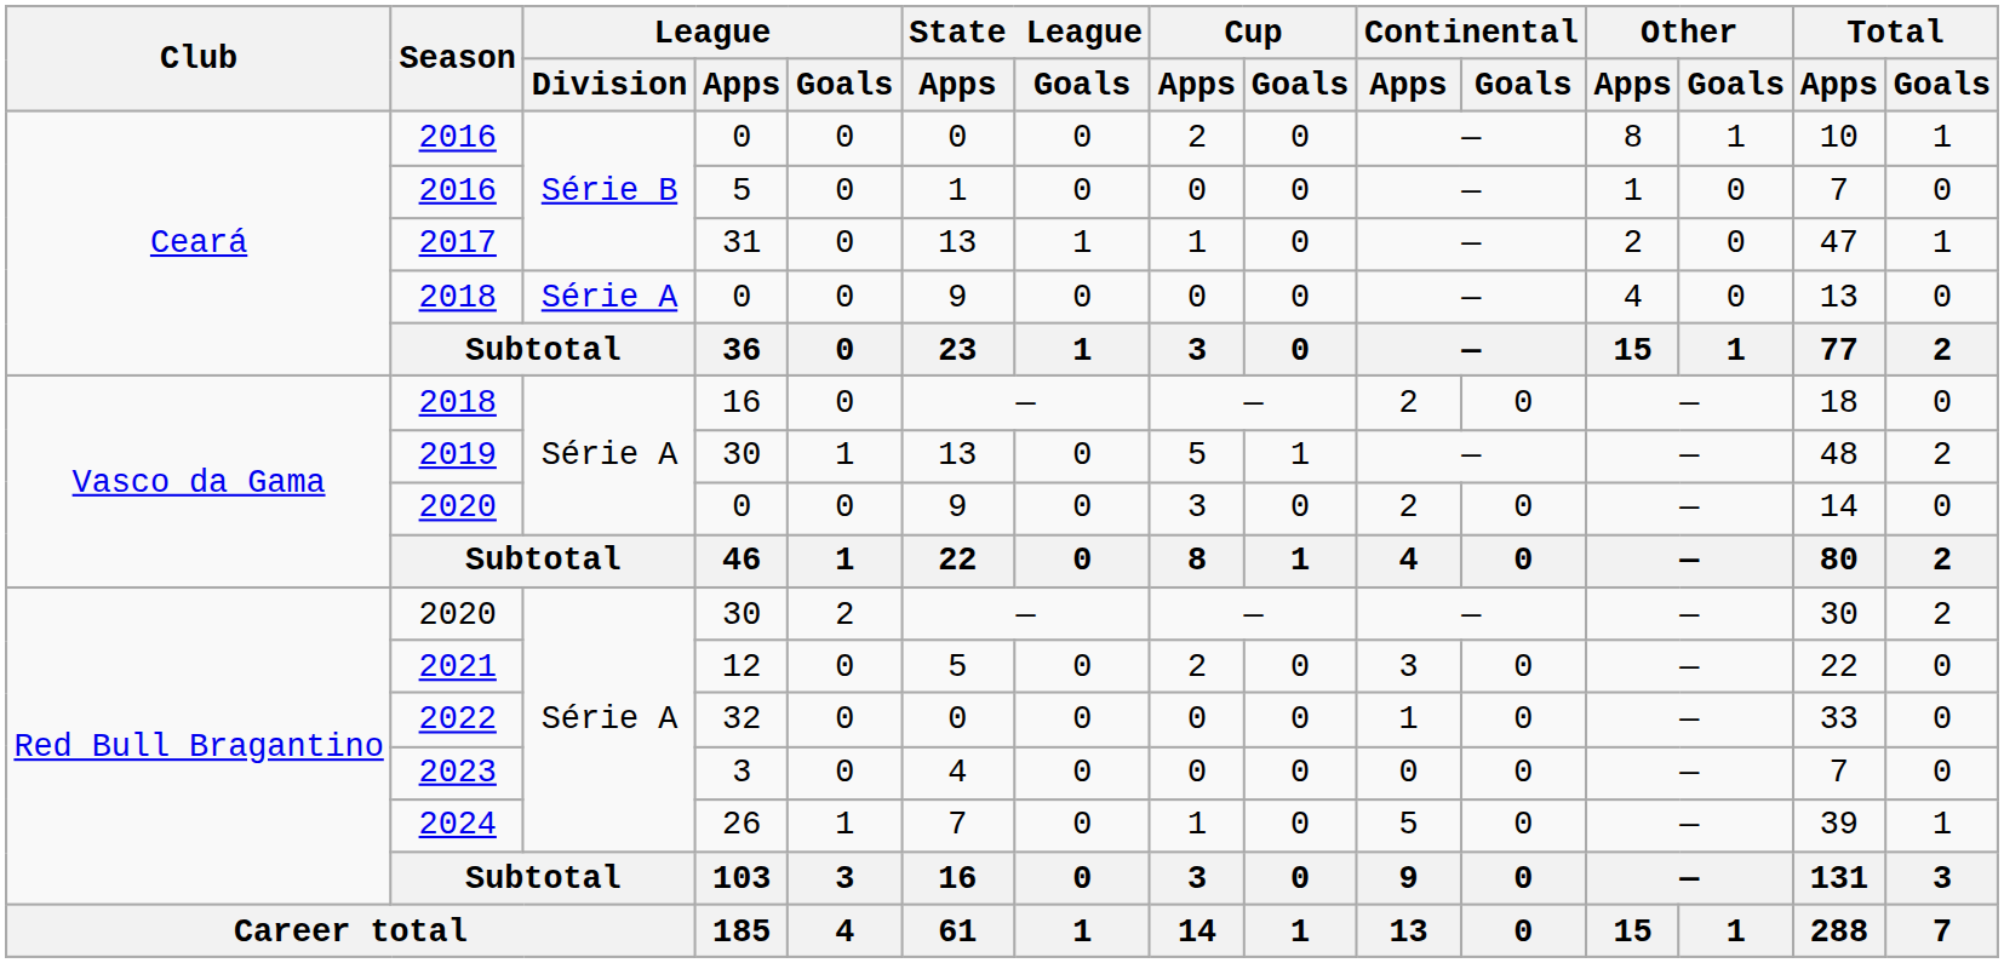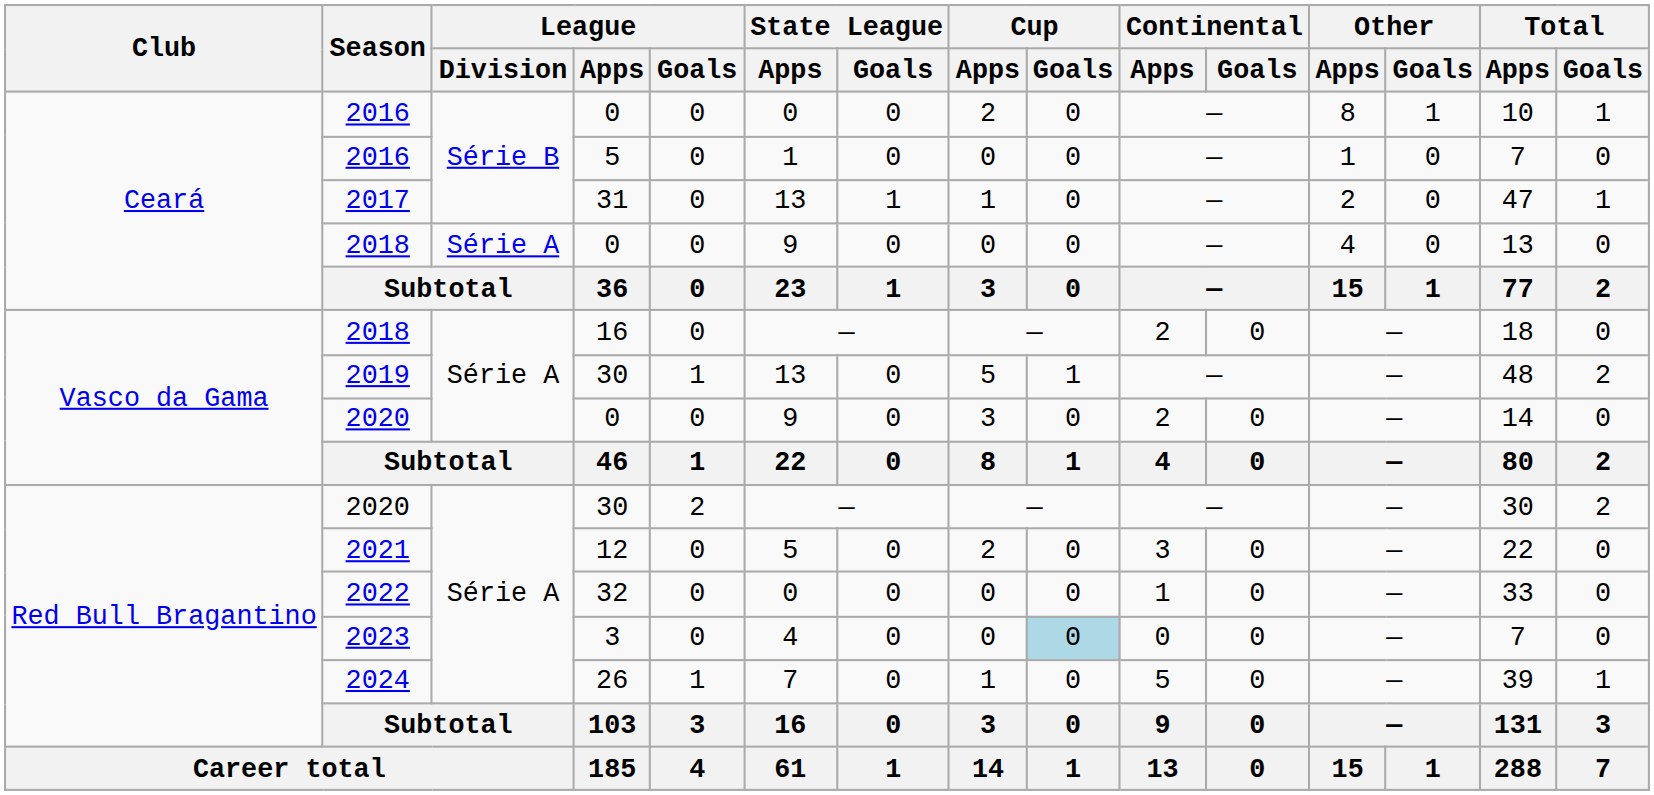 <table class="wikitable" style="text-align: center;">
 <tr>
 <th rowspan="2">Club</th>
 <th rowspan="2">Season</th>
 <th colspan="3">League</th>
 <th colspan="2">State League</th>
 <th colspan="2">Cup</th>
 <th colspan="2">Continental</th>
 <th colspan="2">Other</th>
 <th colspan="2">Total</th>
 </tr>
 <tr>
 <th>Division</th>
 <th>Apps</th>
 <th>Goals</th>
 <th>Apps</th>
 <th>Goals</th>
 <th>Apps</th>
 <th>Goals</th>
 <th>Apps</th>
 <th>Goals</th>
 <th>Apps</th>
 <th>Goals</th>
 <th>Apps</th>
 <th>Goals</th>
 </tr>
 <tr>
 <td rowspan="5" valign="center"><a href='#'>Ceará</a></td>
 <td><a href='#'>2016</a></td>
 <td rowspan="3"><a href='#'>Série B</a></td>
 <td>0</td>
 <td>0</td>
 <td>0</td>
 <td>0</td>
 <td>2</td>
 <td>0</td>
 <td colspan="2">—</td>
 <td>8</td>
 <td>1</td>
 <td>10</td>
 <td>1</td>
 </tr>
 <tr>
 <td><a href='#'>2016</a></td>
 <td>5</td>
 <td>0</td>
 <td>1</td>
 <td>0</td>
 <td>0</td>
 <td>0</td>
 <td colspan="2">—</td>
 <td>1</td>
 <td>0</td>
 <td>7</td>
 <td>0</td>
 </tr>
 <tr>
 <td><a href='#'>2017</a></td>
 <td>31</td>
 <td>0</td>
 <td>13</td>
 <td>1</td>
 <td>1</td>
 <td>0</td>
 <td colspan="2">—</td>
 <td>2</td>
 <td>0</td>
 <td>47</td>
 <td>1</td>
 </tr>
 <tr>
 <td><a href='#'>2018</a></td>
 <td><a href='#'>Série A</a></td>
 <td>0</td>
 <td>0</td>
 <td>9</td>
 <td>0</td>
 <td>0</td>
 <td>0</td>
 <td colspan="2">—</td>
 <td>4</td>
 <td>0</td>
 <td>13</td>
 <td>0</td>
 </tr>
 <tr>
 <th colspan="2">Subtotal</th>
 <th>36</th>
 <th>0</th>
 <th>23</th>
 <th>1</th>
 <th>3</th>
 <th>0</th>
 <th colspan="2">—</th>
 <th>15</th>
 <th>1</th>
 <th>77</th>
 <th>2</th>
 </tr>
 <tr>
 <td rowspan="4" valign="center"><a href='#'>Vasco da Gama</a></td>
 <td><a href='#'>2018</a></td>
 <td rowspan="3">Série A</td>
 <td>16</td>
 <td>0</td>
 <td colspan="2">—</td>
 <td colspan="2">—</td>
 <td>2</td>
 <td>0</td>
 <td colspan="2">—</td>
 <td>18</td>
 <td>0</td>
 </tr>
 <tr>
 <td><a href='#'>2019</a></td>
 <td>30</td>
 <td>1</td>
 <td>13</td>
 <td>0</td>
 <td>5</td>
 <td>1</td>
 <td colspan="2">—</td>
 <td colspan="2">—</td>
 <td>48</td>
 <td>2</td>
 </tr>
 <tr>
 <td><a href='#'>2020</a></td>
 <td>0</td>
 <td>0</td>
 <td>9</td>
 <td>0</td>
 <td>3</td>
 <td>0</td>
 <td>2</td>
 <td>0</td>
 <td colspan="2">—</td>
 <td>14</td>
 <td>0</td>
 </tr>
 <tr>
 <th colspan="2">Subtotal</th>
 <th>46</th>
 <th>1</th>
 <th>22</th>
 <th>0</th>
 <th>8</th>
 <th>1</th>
 <th>4</th>
 <th>0</th>
 <th colspan="2">—</th>
 <th>80</th>
 <th>2</th>
 </tr>
 <tr>
 <td rowspan="6" valign="center"><a href='#'>Red Bull Bragantino</a></td>
 <td>2020</td>
 <td rowspan="5">Série A</td>
 <td>30</td>
 <td>2</td>
 <td colspan="2">—</td>
 <td colspan="2">—</td>
 <td colspan="2">—</td>
 <td colspan="2">—</td>
 <td>30</td>
 <td>2</td>
 </tr>
 <tr>
 <td><a href='#'>2021</a></td>
 <td>12</td>
 <td>0</td>
 <td>5</td>
 <td>0</td>
 <td>2</td>
 <td>0</td>
 <td>3</td>
 <td>0</td>
 <td colspan="2">—</td>
 <td>22</td>
 <td>0</td>
 </tr>
 <tr>
 <td><a href='#'>2022</a></td>
 <td>32</td>
 <td>0</td>
 <td>0</td>
 <td>0</td>
 <td>0</td>
 <td>0</td>
 <td>1</td>
 <td>0</td>
 <td colspan="2">—</td>
 <td>33</td>
 <td>0</td>
 </tr>
 <tr>
 <td><a href='#'>2023</a></td>
 <td>3</td>
 <td>0</td>
 <td>4</td>
 <td>0</td>
 <td>0</td>
-<td>0</td>
+<td style="background: lightblue;">0</td>
 <td>0</td>
 <td>0</td>
 <td colspan="2">—</td>
 <td>7</td>
 <td>0</td>
 </tr>
 <tr>
 <td><a href='#'>2024</a></td>
 <td>26</td>
 <td>1</td>
 <td>7</td>
 <td>0</td>
 <td>1</td>
 <td>0</td>
 <td>5</td>
 <td>0</td>
 <td colspan="2">—</td>
 <td>39</td>
 <td>1</td>
 </tr>
 <tr>
 <th colspan="2">Subtotal</th>
 <th>103</th>
 <th>3</th>
 <th>16</th>
 <th>0</th>
 <th>3</th>
 <th>0</th>
 <th>9</th>
 <th>0</th>
 <th colspan="2">—</th>
 <th>131</th>
 <th>3</th>
 </tr>
 <tr>
 <th colspan="3"><strong>Career total</strong></th>
 <th>185</th>
 <th>4</th>
 <th>61</th>
 <th>1</th>
 <th>14</th>
 <th>1</th>
 <th>13</th>
 <th>0</th>
 <th>15</th>
 <th>1</th>
 <th>288</th>
 <th>7</th>
 </tr>
 </table>
